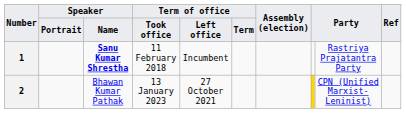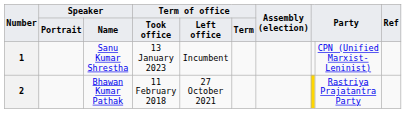 <table class=wikitable style="text-align:center">
 <tr>
 <th colspan="1" rowspan="2" style="background-color:#EAECF0;">Number</th>
 <th colspan="2" style="background-color:#EAECF0;">Speaker</th>
 <th colspan="3" style="background-color:#EAECF0;">Term of office</th>
 <th colspan="1" rowspan="2" style="background-color:#EAECF0;">Assembly<br>(election)</th>
 <th colspan="2" rowspan="2" style="background-color:#EAECF0;">Party</th>
 <th rowspan="2" style="background-color:#EAECF0;">Ref</th>
 </tr>
 <tr>
 <th style="background-color:#EAECF0;">Portrait</th>
 <th style="background-color:#EAECF0;">Name</th>
 <th style="background-color:#EAECF0;">Took office</th>
 <th style="background-color:#EAECF0;">Left office</th>
 <th style="background-color:#EAECF0;">Term</th>
 </tr>
 <tr>
 <th>1</th>
 <td></td>
-<td><strong><a href='#'>Sanu Kumar Shrestha</a></strong></td>
-<td>11 February 2018</td>
+<td><a href='#'>Sanu Kumar Shrestha</a></td>
+<td>13 January 2023</td>
 <td>Incumbent</td>
 <td></td>
 <td></td>
 <td></td>
-<td><a href='#'>Rastriya Prajatantra Party</a></td>
+<td><a href='#'>CPN (Unified Marxist-Leninist)</a></td>
 <td></td>
 </tr>
 <tr>
 <th>2</th>
 <td></td>
 <td><a href='#'>Bhawan Kumar Pathak</a></td>
-<td>13 January 2023</td>
+<td>11 February 2018</td>
 <td>27 October 2021</td>
 <td></td>
 <td></td>
 <td bgcolor="gold"></td>
-<td><a href='#'>CPN (Unified Marxist-Leninist)</a></td>
+<td><a href='#'>Rastriya Prajatantra Party</a></td>
 <td></td>
 </tr>
 </table>
